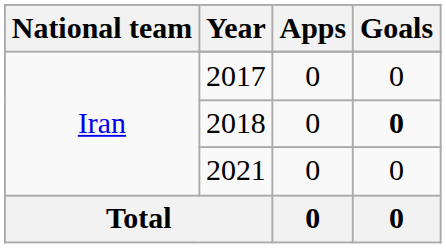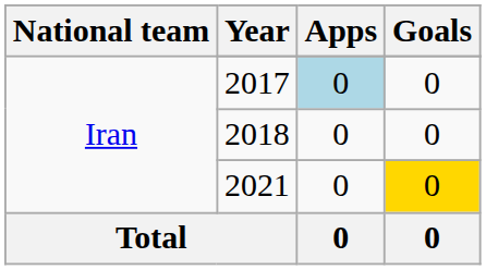 <table class="wikitable" style="text-align:center">
 <tr>
 <th>National team</th>
 <th>Year</th>
 <th>Apps</th>
 <th>Goals</th>
 </tr>
 <tr>
 <td rowspan="4"><a href='#'>Iran</a></td>
 </tr>
 <tr>
 <td>2017</td>
-<td>0</td>
+<td style="background: lightblue;">0</td>
 <td>0</td>
 </tr>
 <tr>
 <td>2018</td>
 <td>0</td>
-<td><strong>0</strong></td>
+<td>0</td>
 </tr>
 <tr>
 <td>2021</td>
 <td>0</td>
-<td>0</td>
+<td style="background: gold;">0</td>
 </tr>
 <tr>
 <th colspan="2">Total</th>
 <th>0</th>
 <th>0</th>
 </tr>
 </table>
